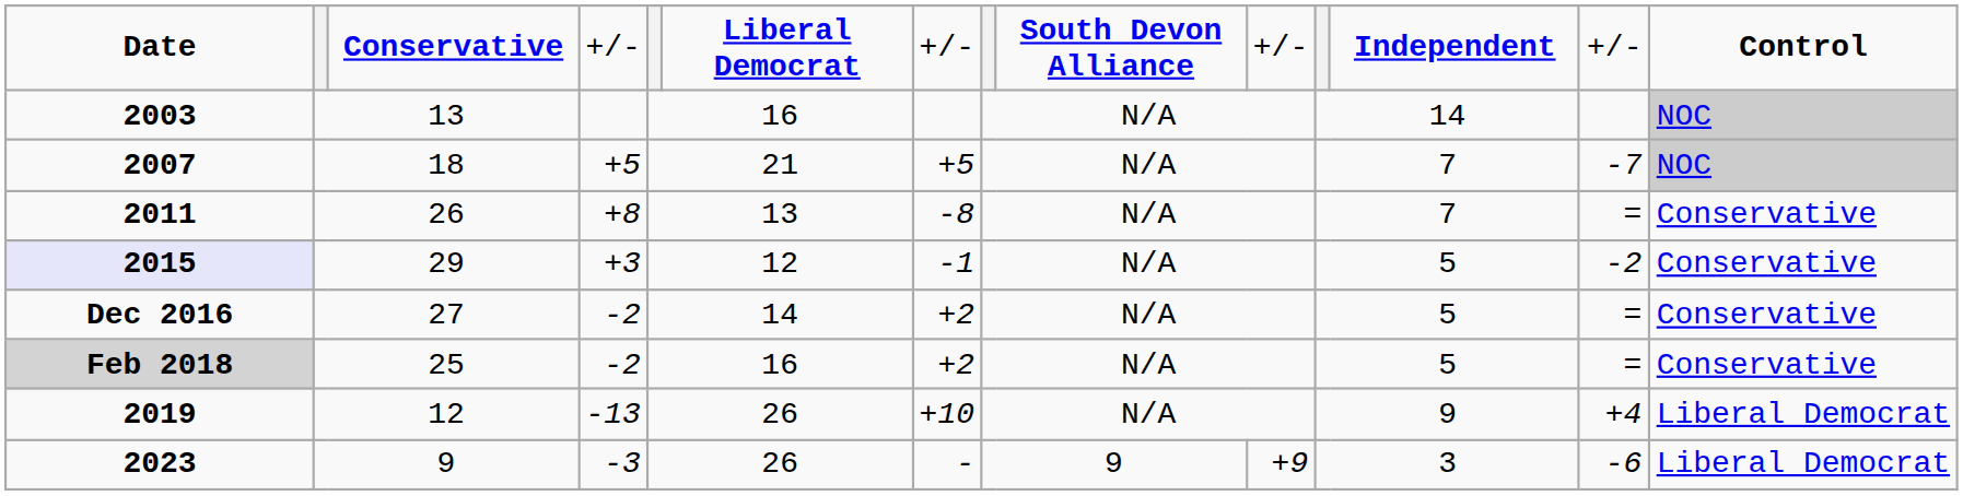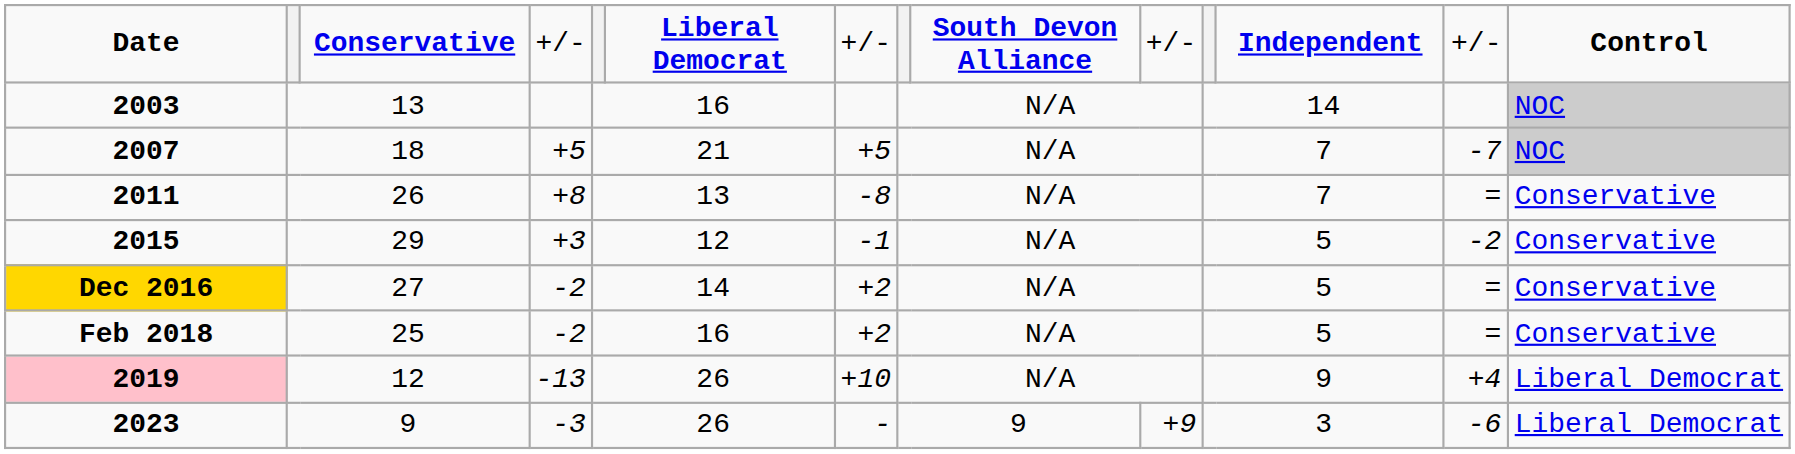 <table class="wikitable" border="1" style="text-align:left; padding-left:1em;">
 <tr>
 <td width=125 align="center"><strong>Date</strong></td>
 <th style="background-color: "></th>
 <td width=100 align="center"><strong><a href='#'>Conservative</a></strong></td>
 <td width=20 align="center">+/-</td>
 <th style="background-color: "></th>
 <td width=100 align="center"><strong><a href='#'>Liberal Democrat</a></strong></td>
 <td width=20 align="center">+/-</td>
 <th style="background-color: "></th>
 <td width=100 align="center"><strong><a href='#'>South Devon Alliance</a></strong></td>
 <td width=20 align="center">+/-</td>
 <th style="background-color: "></th>
 <td width=100 align="center"><strong><a href='#'>Independent</a></strong></td>
 <td width=20 align="center">+/-</td>
 <td width=125 align="center"><strong>Control</strong></td>
 </tr>
 <tr>
 <td align="center"><strong>2003</strong></td>
 <td colspan="2" align="center">13</td>
 <td align="right"></td>
 <td colspan="2" align="center">16</td>
 <td align="right"></td>
 <td colspan="3" align="center">N/A</td>
 <td colspan="2" align="center">14</td>
 <td align="right"></td>
 <td bgcolor="CCCCCC"><a href='#'>NOC</a></td>
 </tr>
 <tr>
 <td align="center"><strong>2007</strong></td>
 <td colspan="2" align="center">18</td>
 <td align="right"><em>+5</em></td>
 <td colspan="2" align="center">21</td>
 <td align="right"><em>+5</em></td>
 <td colspan="3" align="center">N/A</td>
 <td colspan="2" align="center">7</td>
 <td align="right"><em>-7</em></td>
 <td bgcolor="CCCCCC"><a href='#'>NOC</a></td>
 </tr>
 <tr>
 <td align="center"><strong>2011</strong></td>
 <td colspan="2" align="center">26</td>
 <td align="right"><em>+8</em></td>
 <td colspan="2" align="center">13</td>
 <td align="right"><em>-8</em></td>
 <td colspan="3" align="center">N/A</td>
 <td colspan="2" align="center">7</td>
 <td align="right"><em>=</em></td>
 <td><a href='#'>Conservative</a></td>
 </tr>
 <tr>
-<td align="center" style="background: lavender;"><strong>2015</strong></td>
+<td align="center"><strong>2015</strong></td>
 <td colspan="2" align="center">29</td>
 <td align="right"><em>+3</em></td>
 <td colspan="2" align="center">12</td>
 <td align="right"><em>-1</em></td>
 <td colspan="3" align="center">N/A</td>
 <td colspan="2" align="center">5</td>
 <td align="right"><em>-2</em></td>
 <td><a href='#'>Conservative</a></td>
 </tr>
 <tr>
-<td align="center"><strong>Dec 2016</strong></td>
+<td align="center" style="background: gold;"><strong>Dec 2016</strong></td>
 <td colspan="2" align="center">27</td>
 <td align="right"><em>-2</em></td>
 <td colspan="2" align="center">14</td>
 <td align="right"><em>+2</em></td>
 <td colspan="3" align="center">N/A</td>
 <td colspan="2" align="center">5</td>
 <td align="right"><em>=</em></td>
 <td><a href='#'>Conservative</a></td>
 </tr>
 <tr>
-<td align="center" style="background: lightgrey;"><strong>Feb 2018</strong></td>
+<td align="center"><strong>Feb 2018</strong></td>
 <td colspan="2" align="center">25</td>
 <td align="right"><em>-2</em></td>
 <td colspan="2" align="center">16</td>
 <td align="right"><em>+2</em></td>
 <td colspan="3" align="center">N/A</td>
 <td colspan="2" align="center">5</td>
 <td align="right"><em>=</em></td>
 <td><a href='#'>Conservative</a></td>
 </tr>
 <tr>
-<td align="center"><strong>2019</strong></td>
+<td align="center" style="background: pink;"><strong>2019</strong></td>
 <td colspan="2" align="center">12</td>
 <td align="right"><em>-13</em></td>
 <td colspan="2" align="center">26</td>
 <td align="right"><em>+10</em></td>
 <td colspan="3" align="center">N/A</td>
 <td colspan="2" align="center">9</td>
 <td align="right"><em>+4</em></td>
 <td><a href='#'>Liberal Democrat</a></td>
 </tr>
 <tr>
 <td align="center"><strong>2023</strong></td>
 <td colspan="2" align="center">9</td>
 <td align="right"><em>-3</em></td>
 <td colspan="2" align="center">26</td>
 <td align="right"><em>-</em></td>
 <td colspan="2" align="center">9</td>
 <td align="right"><em>+9</em></td>
 <td colspan="2" align="center">3</td>
 <td align="right"><em>-6</em></td>
 <td><a href='#'>Liberal Democrat</a></td>
 </tr>
 </table>
